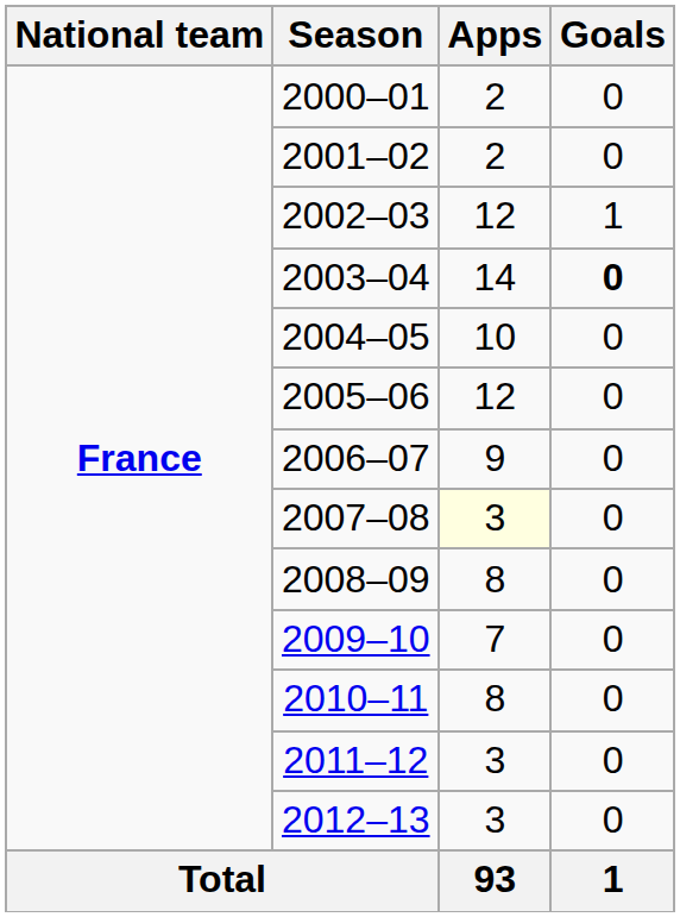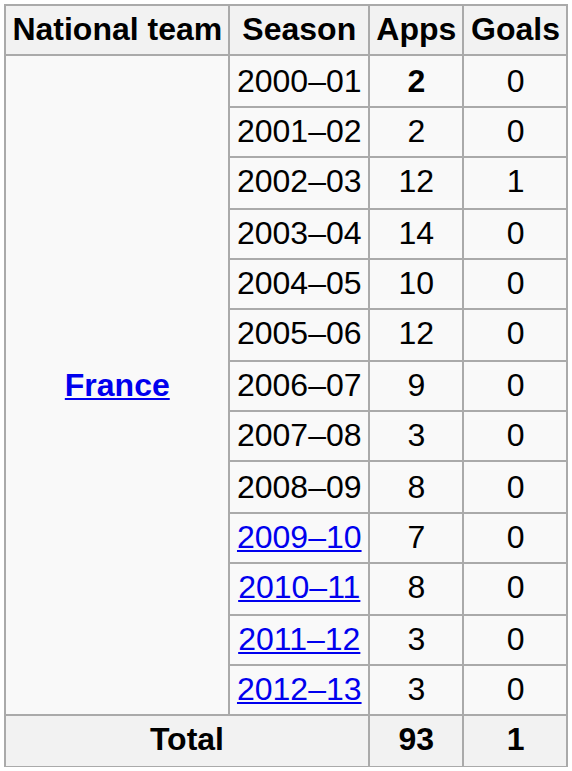 <table class="wikitable" style="text-align:center">
 <tr>
 <th>National team</th>
 <th>Season</th>
 <th>Apps</th>
 <th>Goals</th>
 </tr>
 <tr>
 <td rowspan=13 valign="center"><strong><a href='#'>France</a></strong></td>
 <td>2000–01</td>
-<td>2</td>
+<td><strong>2</strong></td>
 <td>0</td>
 </tr>
 <tr>
 <td>2001–02</td>
 <td>2</td>
 <td>0</td>
 </tr>
 <tr>
 <td>2002–03</td>
 <td>12</td>
 <td>1</td>
 </tr>
 <tr>
 <td>2003–04</td>
 <td>14</td>
-<td><strong>0</strong></td>
+<td>0</td>
 </tr>
 <tr>
 <td>2004–05</td>
 <td>10</td>
 <td>0</td>
 </tr>
 <tr>
 <td>2005–06</td>
 <td>12</td>
 <td>0</td>
 </tr>
 <tr>
 <td>2006–07</td>
 <td>9</td>
 <td>0</td>
 </tr>
 <tr>
 <td>2007–08</td>
-<td style="background: lightyellow;">3</td>
+<td>3</td>
 <td>0</td>
 </tr>
 <tr>
 <td>2008–09</td>
 <td>8</td>
 <td>0</td>
 </tr>
 <tr>
 <td><a href='#'>2009–10</a></td>
 <td>7</td>
 <td>0</td>
 </tr>
 <tr>
 <td><a href='#'>2010–11</a></td>
 <td>8</td>
 <td>0</td>
 </tr>
 <tr>
 <td><a href='#'>2011–12</a></td>
 <td>3</td>
 <td>0</td>
 </tr>
 <tr>
 <td><a href='#'>2012–13</a></td>
 <td>3</td>
 <td>0</td>
 </tr>
 <tr>
 <th colspan=2>Total</th>
 <th>93</th>
 <th>1</th>
 </tr>
 </table>
